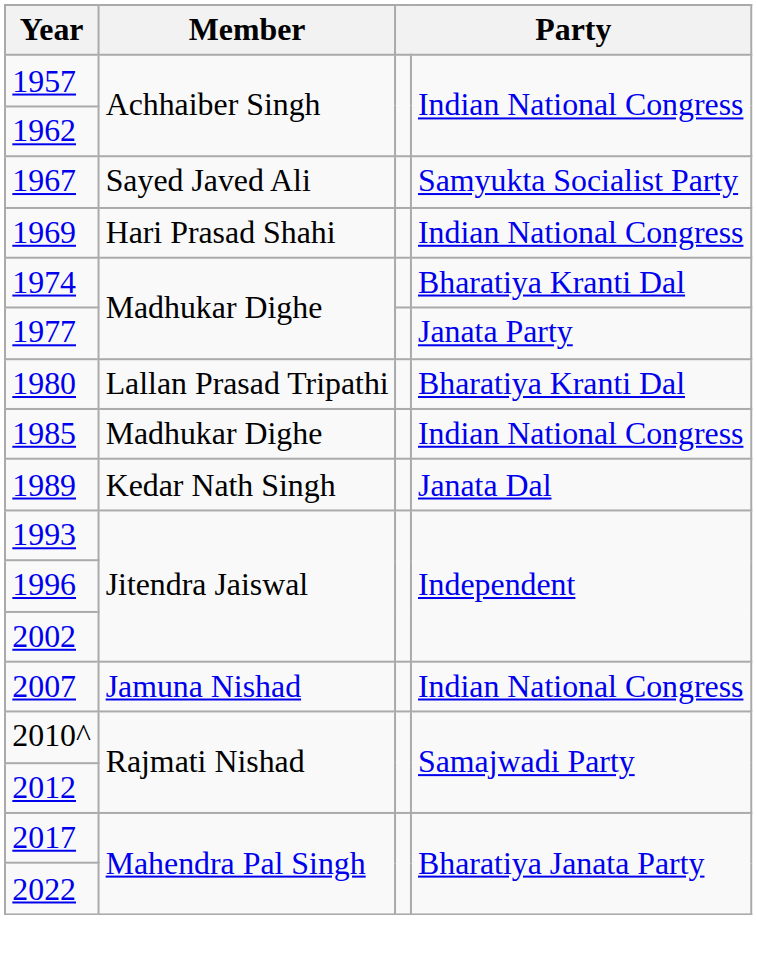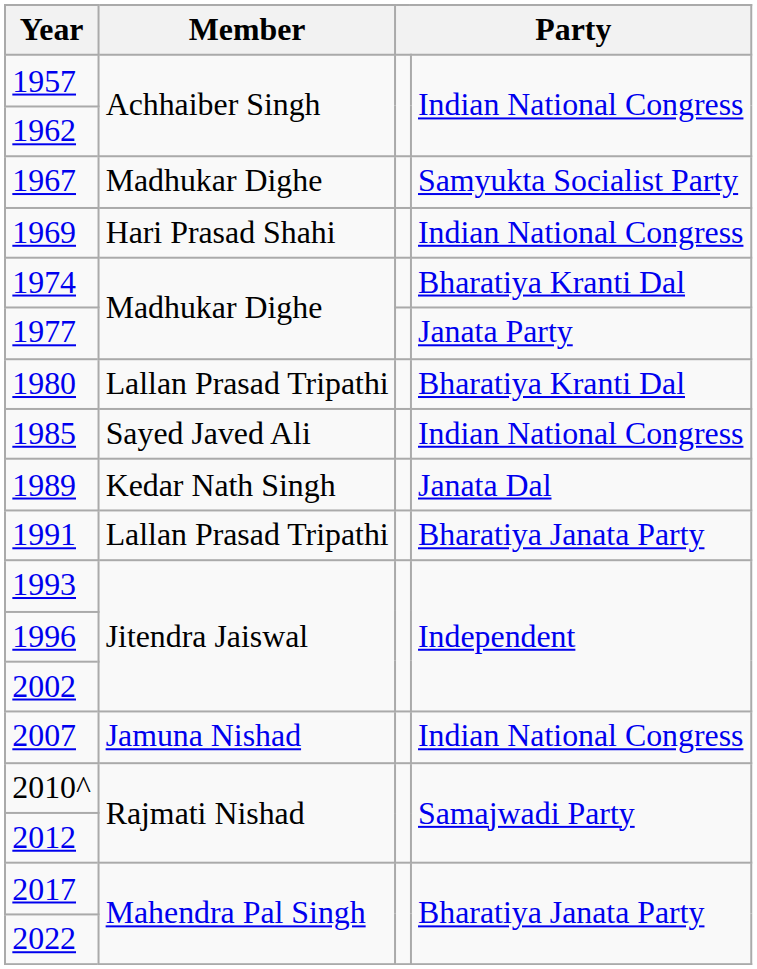 <table class="wikitable">
 <tr>
 <th scope="col">Year</th>
 <th scope="col">Member</th>
 <th colspan="2">Party</th>
 </tr>
 <tr>
 <td><a href='#'>1957</a></td>
 <td rowspan="2">Achhaiber Singh</td>
 <td rowspan="2" style="background-color: "></td>
 <td rowspan="2"><a href='#'>Indian National Congress</a></td>
 </tr>
 <tr>
 <td><a href='#'>1962</a></td>
 </tr>
 <tr>
 <td><a href='#'>1967</a></td>
-<td>Sayed Javed Ali</td>
+<td>Madhukar Dighe</td>
 <td style="background-color: "></td>
 <td><a href='#'>Samyukta Socialist Party</a></td>
 </tr>
 <tr>
 <td><a href='#'>1969</a></td>
 <td>Hari Prasad Shahi</td>
 <td style="background-color: "></td>
 <td><a href='#'>Indian National Congress</a></td>
 </tr>
 <tr>
 <td><a href='#'>1974</a></td>
 <td rowspan="2">Madhukar Dighe</td>
 <td style="background-color: "></td>
 <td><a href='#'>Bharatiya Kranti Dal</a></td>
 </tr>
 <tr>
 <td><a href='#'>1977</a></td>
 <td style="background-color: "></td>
 <td><a href='#'>Janata Party</a></td>
 </tr>
 <tr>
 <td><a href='#'>1980</a></td>
 <td>Lallan Prasad Tripathi</td>
 <td style="background-color: "></td>
 <td><a href='#'>Bharatiya Kranti Dal</a></td>
 </tr>
 <tr>
 <td><a href='#'>1985</a></td>
-<td>Madhukar Dighe</td>
+<td>Sayed Javed Ali</td>
 <td style="background-color: "></td>
 <td><a href='#'>Indian National Congress</a></td>
 </tr>
 <tr>
 <td><a href='#'>1989</a></td>
 <td>Kedar Nath Singh</td>
 <td style="background-color: "></td>
 <td><a href='#'>Janata Dal</a></td>
+</tr>
+<tr>
+<td><a href='#'>1991</a></td>
+<td>Lallan Prasad Tripathi</td>
+<td style="background-color: "></td>
+<td><a href='#'>Bharatiya Janata Party</a></td>
 </tr>
 <tr>
 <td><a href='#'>1993</a></td>
 <td rowspan="3">Jitendra Jaiswal</td>
 <td rowspan="3" style="background-color: "></td>
 <td rowspan="3"><a href='#'>Independent</a></td>
 </tr>
 <tr>
 <td><a href='#'>1996</a></td>
 </tr>
 <tr>
 <td><a href='#'>2002</a></td>
 </tr>
 <tr>
 <td><a href='#'>2007</a></td>
 <td><a href='#'>Jamuna Nishad</a></td>
 <td style="background-color: "></td>
 <td><a href='#'>Indian National Congress</a></td>
 </tr>
 <tr>
 <td>2010^</td>
 <td rowspan="2">Rajmati Nishad</td>
 <td rowspan="2" style="background-color: "></td>
 <td rowspan="2"><a href='#'>Samajwadi Party</a></td>
 </tr>
 <tr>
 <td><a href='#'>2012</a></td>
 </tr>
 <tr>
 <td><a href='#'>2017</a></td>
 <td rowspan="2"><a href='#'>Mahendra Pal Singh</a></td>
 <td rowspan="2" style="background-color: "></td>
 <td rowspan="2"><a href='#'>Bharatiya Janata Party</a></td>
 </tr>
 <tr>
 <td><a href='#'>2022</a></td>
 </tr>
 </table>
